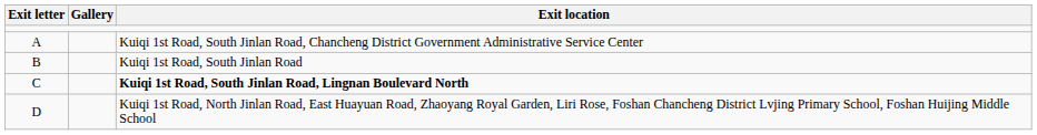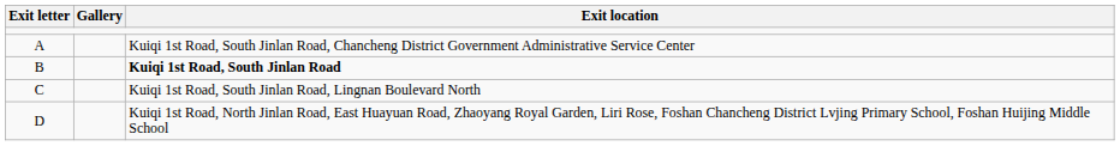 <table class="wikitable">
 <tr>
 <th colspan=2 style="width:70px">Exit letter</th>
 <th>Gallery</th>
 <th>Exit location</th>
 </tr>
 <tr style="background:#">
 <td colspan="4"></td>
 </tr>
 <tr>
 <td colspan=2 align=center>A</td>
 <td></td>
 <td>Kuiqi 1st Road, South Jinlan Road, Chancheng District Government Administrative Service Center</td>
 </tr>
 <tr>
 <td colspan=2 align=center>B</td>
 <td></td>
-<td>Kuiqi 1st Road, South Jinlan Road</td>
+<td><strong>Kuiqi 1st Road, South Jinlan Road</strong></td>
 </tr>
 <tr>
 <td colspan=2 align=center>C</td>
 <td></td>
-<td><strong>Kuiqi 1st Road, South Jinlan Road, Lingnan Boulevard North</strong></td>
+<td>Kuiqi 1st Road, South Jinlan Road, Lingnan Boulevard North</td>
 </tr>
 <tr>
 <td colspan=2 align=center>D</td>
 <td></td>
 <td>Kuiqi 1st Road, North Jinlan Road, East Huayuan Road, Zhaoyang Royal Garden, Liri Rose, Foshan Chancheng District Lvjing Primary School, Foshan Huijing Middle School</td>
 </tr>
 </table>
